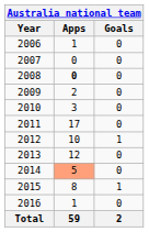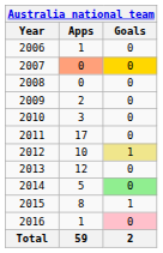 <table class="wikitable" style="text-align:center">
 <tr>
 <th colspan=3><a href='#'>Australia national team</a></th>
 </tr>
 <tr>
 <th>Year</th>
 <th>Apps</th>
 <th>Goals</th>
 </tr>
 <tr>
 <td>2006</td>
 <td>1</td>
 <td>0</td>
 </tr>
 <tr>
 <td>2007</td>
-<td>0</td>
-<td>0</td>
+<td style="background: lightsalmon;">0</td>
+<td style="background: gold;">0</td>
 </tr>
 <tr>
 <td>2008</td>
-<td><strong>0</strong></td>
+<td>0</td>
 <td>0</td>
 </tr>
 <tr>
 <td>2009</td>
 <td>2</td>
 <td>0</td>
 </tr>
 <tr>
 <td>2010</td>
 <td>3</td>
 <td>0</td>
 </tr>
 <tr>
 <td>2011</td>
 <td>17</td>
 <td>0</td>
 </tr>
 <tr>
 <td>2012</td>
 <td>10</td>
-<td>1</td>
+<td style="background: khaki;">1</td>
 </tr>
 <tr>
 <td>2013</td>
 <td>12</td>
 <td>0</td>
 </tr>
 <tr>
 <td>2014</td>
-<td style="background: lightsalmon;">5</td>
-<td>0</td>
+<td>5</td>
+<td style="background: lightgreen;">0</td>
 </tr>
 <tr>
 <td>2015</td>
 <td>8</td>
 <td>1</td>
 </tr>
 <tr>
 <td>2016</td>
 <td>1</td>
-<td>0</td>
+<td style="background: pink;">0</td>
 </tr>
 <tr>
 <th>Total</th>
 <th>59</th>
 <th>2</th>
 </tr>
 </table>
